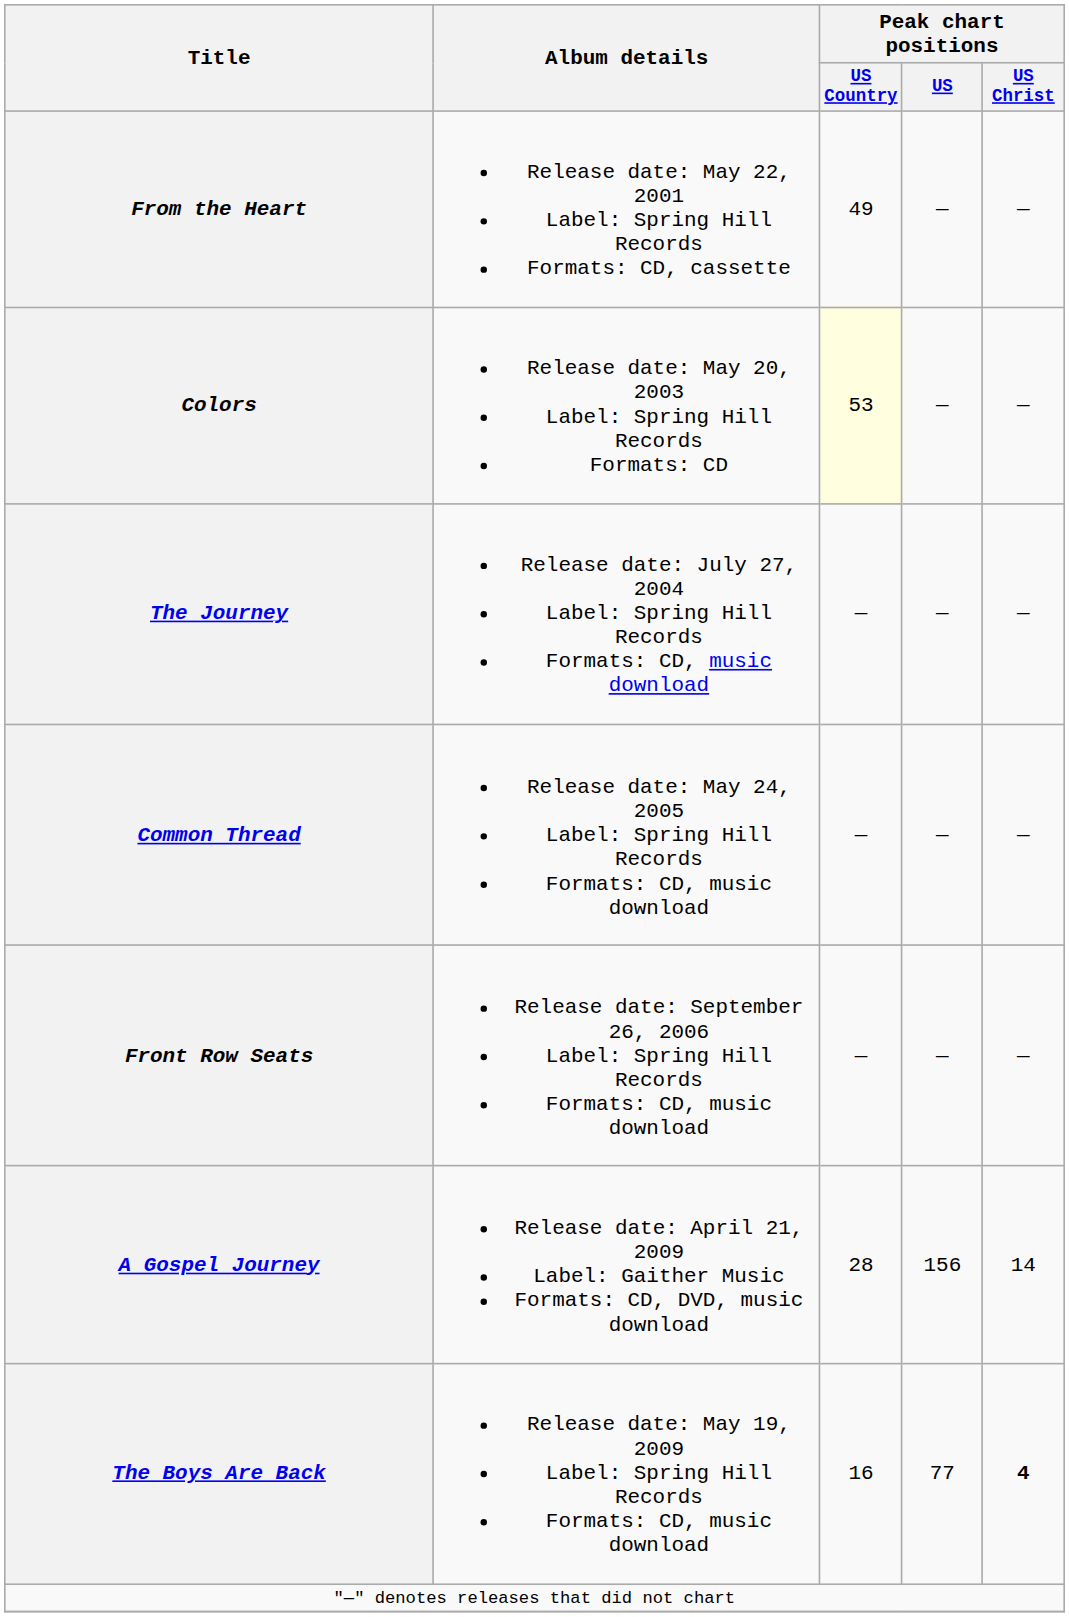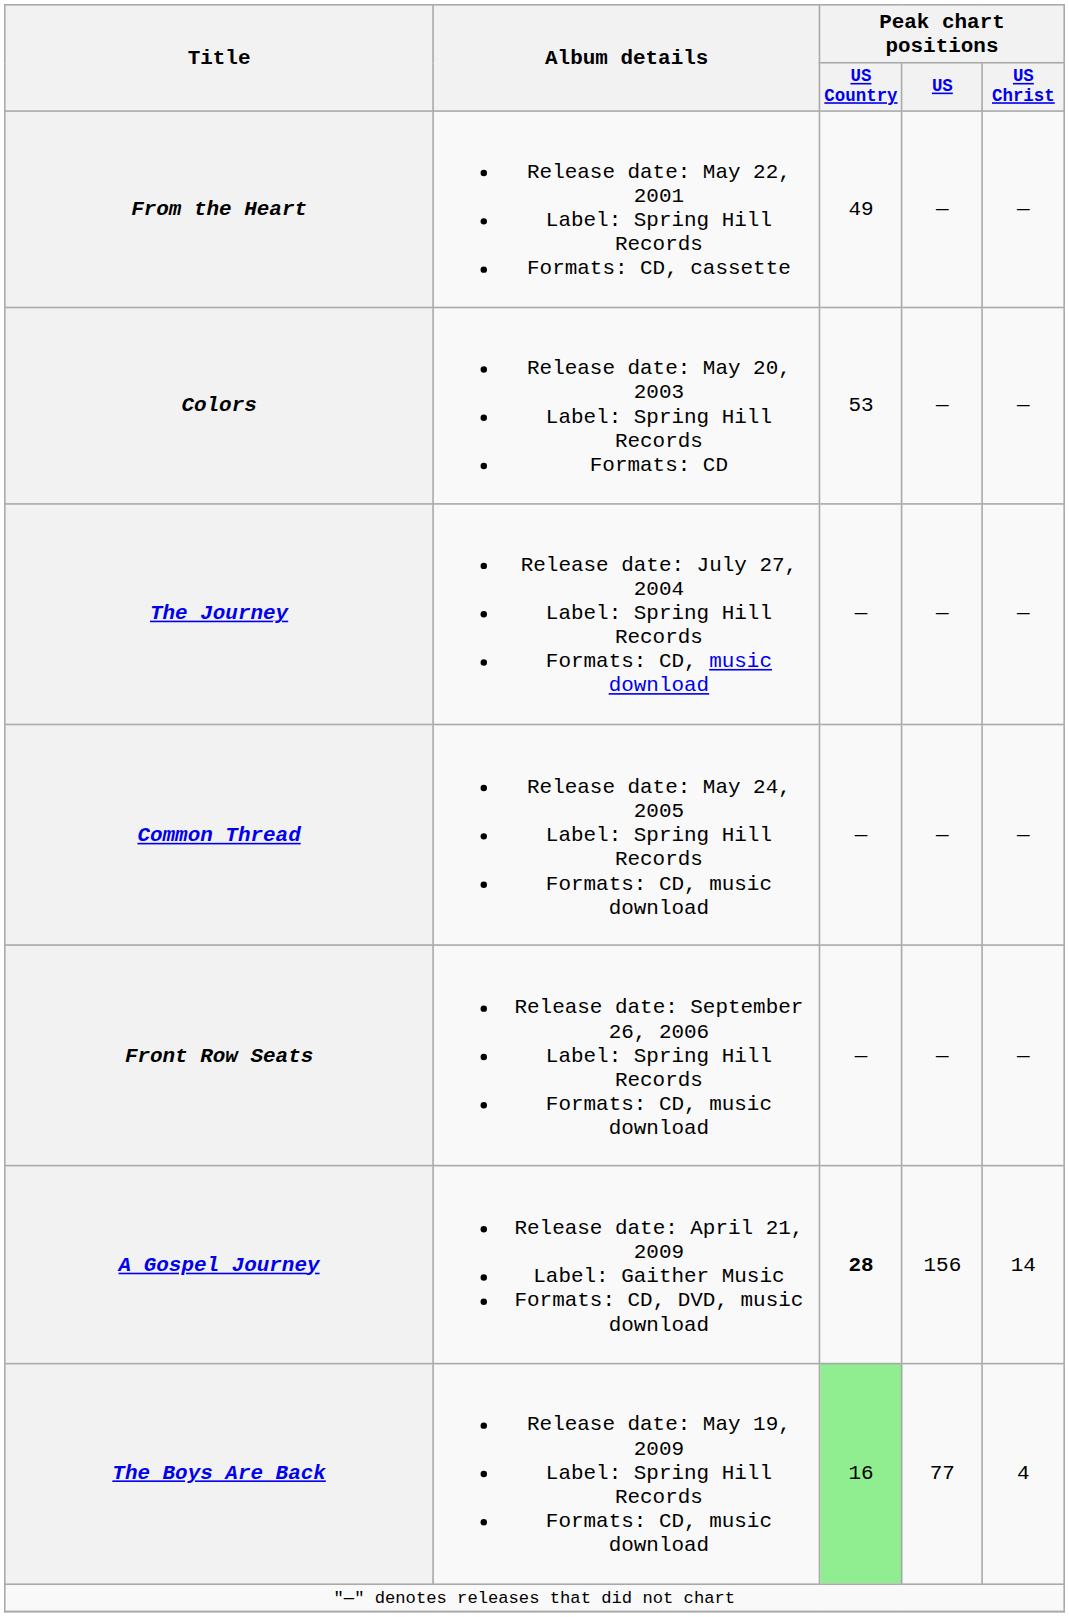 <table class="wikitable plainrowheaders" style="text-align:center;">
 <tr>
 <th rowspan="2" style="width:20em;">Title</th>
 <th rowspan="2" style="width:18em;">Album details</th>
 <th colspan="3">Peak chart positions</th>
 </tr>
 <tr style="font-size:smaller;">
 <th width="45"><a href='#'>US Country</a><br></th>
 <th width="45"><a href='#'>US</a><br></th>
 <th width="45"><a href='#'>US<br>Christ</a><br></th>
 </tr>
 <tr>
 <th scope="row"><em>From the Heart</em></th>
 <td><br><ul><li>Release date: May 22, 2001</li><li>Label: Spring Hill Records</li><li>Formats: CD, cassette</li></ul></td>
 <td>49</td>
 <td>—</td>
 <td>—</td>
 </tr>
 <tr>
 <th scope="row"><em>Colors</em></th>
 <td><br><ul><li>Release date: May 20, 2003</li><li>Label: Spring Hill Records</li><li>Formats: CD</li></ul></td>
-<td style="background: lightyellow;">53</td>
+<td>53</td>
 <td>—</td>
 <td>—</td>
 </tr>
 <tr>
 <th scope="row"><em><a href='#'>The Journey</a></em></th>
 <td><br><ul><li>Release date: July 27, 2004</li><li>Label: Spring Hill Records</li><li>Formats: CD, <a href='#'>music download</a></li></ul></td>
 <td>—</td>
 <td>—</td>
 <td>—</td>
 </tr>
 <tr>
 <th scope="row"><em><a href='#'>Common Thread</a></em></th>
 <td><br><ul><li>Release date: May 24, 2005</li><li>Label: Spring Hill Records</li><li>Formats: CD, music download</li></ul></td>
 <td>—</td>
 <td>—</td>
 <td>—</td>
 </tr>
 <tr>
 <th scope="row"><em>Front Row Seats</em></th>
 <td><br><ul><li>Release date: September 26, 2006</li><li>Label: Spring Hill Records</li><li>Formats: CD, music download</li></ul></td>
 <td>—</td>
 <td>—</td>
 <td>—</td>
 </tr>
 <tr>
 <th scope="row"><em><a href='#'>A Gospel Journey</a></em></th>
 <td><br><ul><li>Release date: April 21, 2009</li><li>Label: Gaither Music</li><li>Formats: CD, DVD, music download</li></ul></td>
-<td>28</td>
+<td><strong>28</strong></td>
 <td>156</td>
 <td>14</td>
 </tr>
 <tr>
 <th scope="row"><em><a href='#'>The Boys Are Back</a></em></th>
 <td><br><ul><li>Release date: May 19, 2009</li><li>Label: Spring Hill Records</li><li>Formats: CD, music download</li></ul></td>
-<td>16</td>
+<td style="background: lightgreen;">16</td>
 <td>77</td>
-<td><strong>4</strong></td>
+<td>4</td>
 </tr>
 <tr>
 <td colspan="10" style="font-size:8pt">"—" denotes releases that did not chart</td>
 </tr>
 <tr>
 </tr>
 </table>
